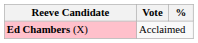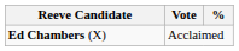 <table class="wikitable">
 <tr>
 <th bgcolor="#DDDDFF" width="190px">Reeve Candidate</th>
 <th bgcolor="#DDDDFF" width="40px">Vote</th>
 <th bgcolor="#DDDDFF" width="30px">%</th>
 </tr>
 <tr>
-<td style="background: pink;"><strong>Ed Chambers</strong> (X)</td>
+<td><strong>Ed Chambers</strong> (X)</td>
 <td colspan="2">Acclaimed</td>
 </tr>
 </table>
